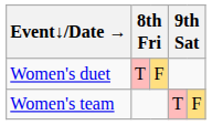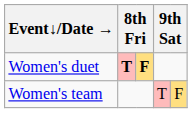 <table class="wikitable" style="margin:0.5em auto; font-size:90%; line-height:1.25em; text-align:center;">
 <tr>
 <th>Event↓/Date →</th>
 <th colspan=2>8th<br>Fri</th>
 <th colspan=2>9th<br>Sat</th>
 </tr>
 <tr>
 <td align="left"><a href='#'>Women's duet</a></td>
-<td bgcolor="#FFBBBB">T</td>
-<td bgcolor="#FFDF80">F</td>
+<td bgcolor="#FFBBBB"><strong>T</strong></td>
+<td bgcolor="#FFDF80"><strong>F</strong></td>
 <td colspan=2></td>
 </tr>
 <tr>
 <td align="left"><a href='#'>Women's team</a></td>
 <td colspan=2></td>
 <td bgcolor="#FFBBBB">T</td>
 <td bgcolor="#FFDF80">F</td>
 </tr>
 </table>
